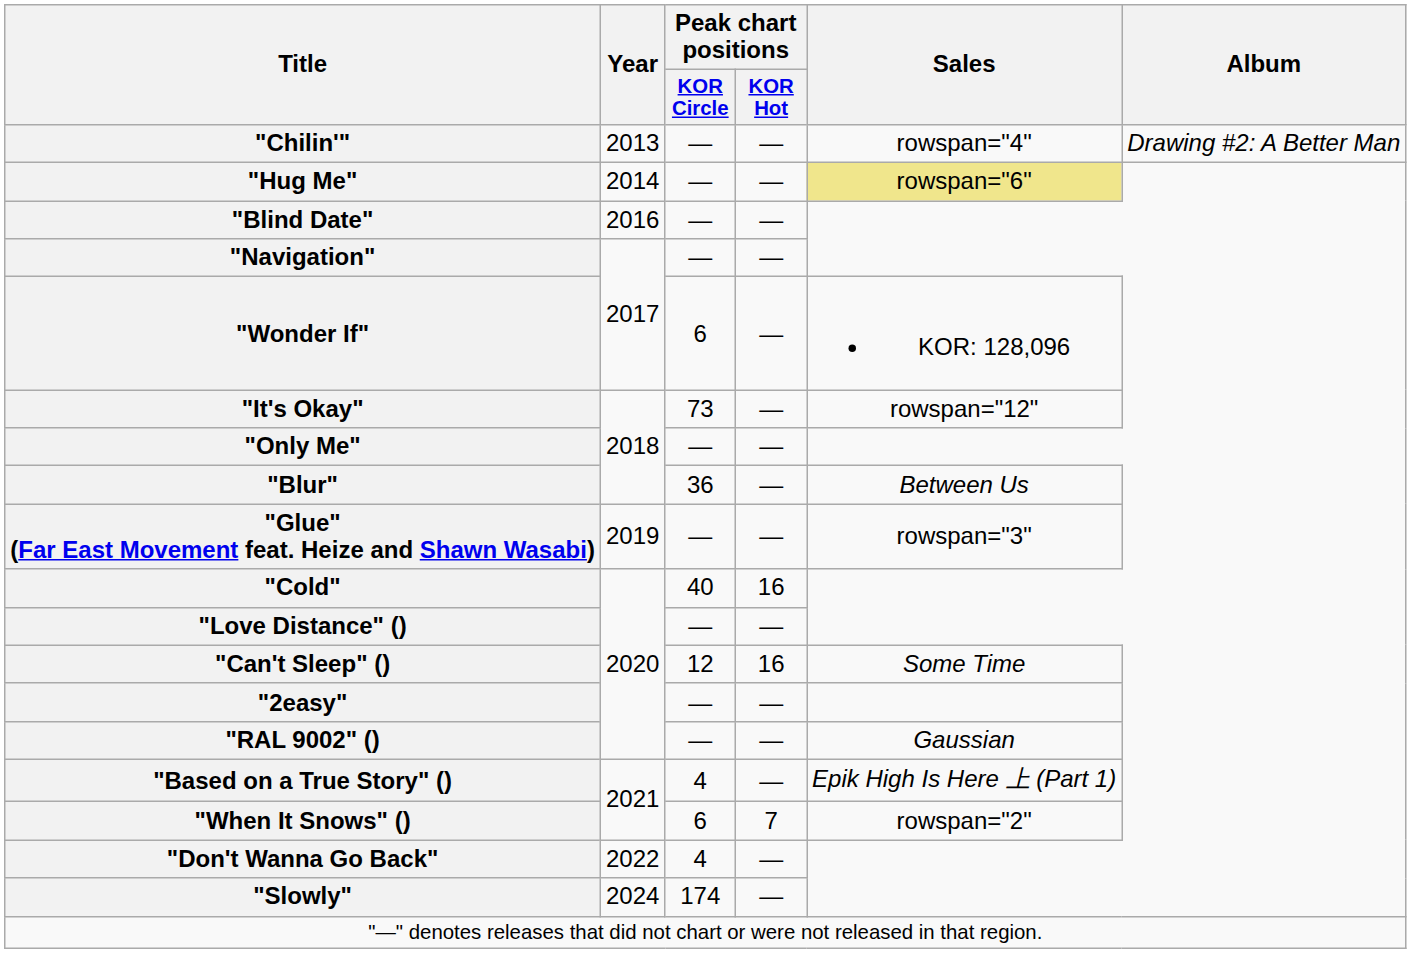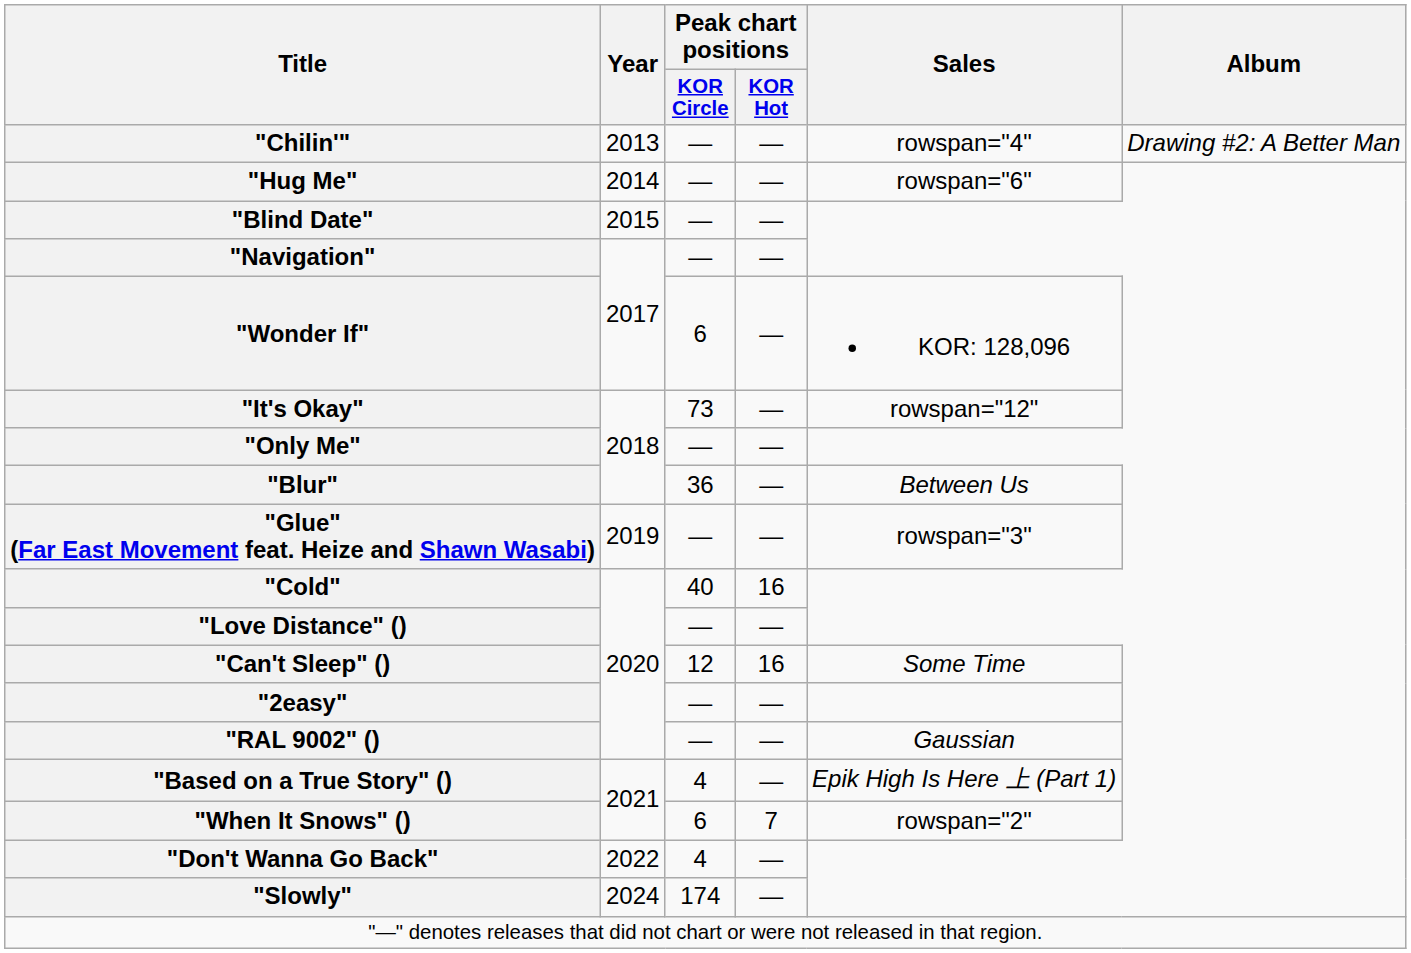 <table class="wikitable plainrowheaders" style="text-align:center;">
 <tr>
 <th rowspan="2">Title</th>
 <th rowspan="2">Year</th>
 <th colspan="2">Peak chart positions</th>
 <th rowspan="2">Sales</th>
 <th rowspan="2">Album</th>
 </tr>
 <tr>
 <th style="width:3em;font-size:85%"><a href='#'>KOR<br>Circle</a><br></th>
 <th style="width:3em;font-size:85%"><a href='#'>KOR<br>Hot</a><br></th>
 </tr>
 <tr>
 <th scope="row">"Chilin'" </th>
 <td>2013</td>
 <td>—</td>
 <td>—</td>
 <td>rowspan="4" </td>
 <td><em>Drawing #2: A Better Man</em></td>
 </tr>
 <tr>
 <th scope="row">"Hug Me" </th>
 <td>2014</td>
 <td>—</td>
 <td>—</td>
-<td style="background: khaki;">rowspan="6" </td>
+<td>rowspan="6" </td>
 </tr>
 <tr>
 <th scope="row">"Blind Date" </th>
-<td>2016</td>
+<td>2015</td>
 <td>—</td>
 <td>—</td>
 </tr>
 <tr>
 <th scope="row">"Navigation" </th>
 <td rowspan="2">2017</td>
 <td>—</td>
 <td>—</td>
 </tr>
 <tr>
 <th scope="row">"Wonder If" </th>
 <td>6</td>
 <td>—</td>
 <td><br><ul><li>KOR: 128,096</li></ul></td>
 </tr>
 <tr>
 <th scope="row">"It's Okay" </th>
 <td rowspan="3">2018</td>
 <td>73</td>
 <td>—</td>
 <td>rowspan="12" </td>
 </tr>
 <tr>
 <th scope="row">"Only Me" </th>
 <td>—</td>
 <td>—</td>
 </tr>
 <tr>
 <th scope="row">"Blur" </th>
 <td>36</td>
 <td>—</td>
 <td><em>Between Us</em></td>
 </tr>
 <tr>
 <th scope="row">"Glue"<br><span>(<a href='#'>Far East Movement</a> feat. Heize and <a href='#'>Shawn Wasabi</a>)</span></th>
 <td>2019</td>
 <td>—</td>
 <td>—</td>
 <td>rowspan="3" </td>
 </tr>
 <tr>
 <th scope="row">"Cold" </th>
 <td rowspan="5">2020</td>
 <td>40</td>
 <td>16</td>
 </tr>
 <tr>
 <th scope="row">"Love Distance" ()<br> </th>
 <td>—</td>
 <td>—</td>
 </tr>
 <tr>
 <th scope="row">"Can't Sleep" () </th>
 <td>12</td>
 <td>16</td>
 <td><em>Some Time</em></td>
 </tr>
 <tr>
 <th scope="row">"2easy" </th>
 <td>—</td>
 <td>—</td>
 <td></td>
 </tr>
 <tr>
 <th scope="row">"RAL 9002" () </th>
 <td>—</td>
 <td>—</td>
 <td><em>Gaussian</em></td>
 </tr>
 <tr>
 <th scope="row">"Based on a True Story" ()<br></th>
 <td rowspan=2>2021</td>
 <td>4</td>
 <td>—</td>
 <td><em>Epik High Is Here 上 (Part 1)</em></td>
 </tr>
 <tr>
 <th scope="row">"When It Snows" () <br></th>
 <td>6</td>
 <td>7</td>
 <td>rowspan="2" </td>
 </tr>
 <tr>
 <th scope="row">"Don't Wanna Go Back" <br></th>
 <td>2022</td>
 <td>4</td>
 <td>—</td>
 </tr>
 <tr>
 <th scope="row">"Slowly" <br></th>
 <td>2024</td>
 <td>174</td>
 <td>—</td>
 </tr>
 <tr>
 <td colspan="7" style="font-size:85%">"—" denotes releases that did not chart or were not released in that region.</td>
 </tr>
 </table>
